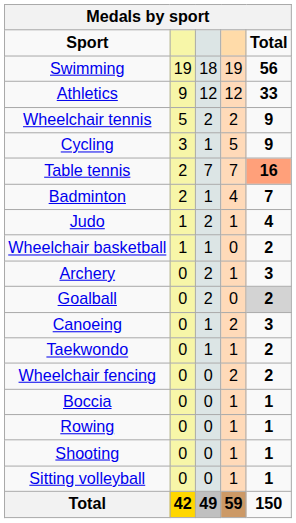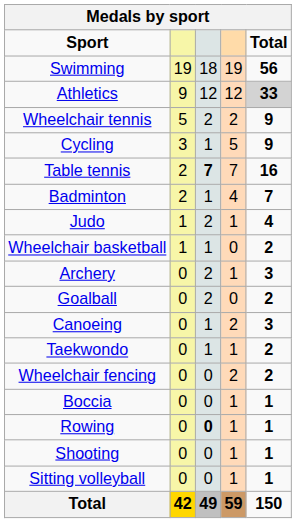 <table class=wikitable style="text-align:center">
 <tr style="background:#EFEFEF">
 <th colspan=7>Medals by sport</th>
 </tr>
 <tr>
 <td><strong>Sport</strong></td>
 <td style="background:#F7F6A8"></td>
 <td style="background:#DCE5E5"></td>
 <td style="background:#FFDBA9"></td>
 <td><strong>Total</strong></td>
 </tr>
 <tr>
 <td><a href='#'>Swimming</a></td>
 <td style="background:#F7F6A8">19</td>
 <td style="background:#DCE5E5">18</td>
 <td style="background:#FFDAB9">19</td>
 <td><strong>56</strong></td>
 </tr>
 <tr>
 <td><a href='#'>Athletics</a></td>
 <td style="background:#F7F6A8">9</td>
 <td style="background:#DCE5E5">12</td>
 <td style="background:#FFDAB9">12</td>
-<td><strong>33</strong></td>
+<td style="background: lightgrey;"><strong>33</strong></td>
 </tr>
 <tr>
 <td><a href='#'>Wheelchair tennis</a></td>
 <td style="background:#F7F6A8">5</td>
 <td style="background:#DCE5E5">2</td>
 <td style="background:#FFDAB9">2</td>
 <td><strong>9</strong></td>
 </tr>
 <tr>
 <td><a href='#'>Cycling</a></td>
 <td style="background:#F7F6A8">3</td>
 <td style="background:#DCE5E5">1</td>
 <td style="background:#FFDAB9">5</td>
 <td><strong>9</strong></td>
 </tr>
 <tr>
 <td><a href='#'>Table tennis</a></td>
 <td style="background:#F7F6A8">2</td>
-<td style="background:#DCE5E5">7</td>
+<td style="background:#DCE5E5"><strong>7</strong></td>
 <td style="background:#FFDAB9">7</td>
-<td style="background: lightsalmon;"><strong>16</strong></td>
+<td><strong>16</strong></td>
 </tr>
 <tr>
 <td><a href='#'>Badminton</a></td>
 <td style="background:#F7F6A8">2</td>
 <td style="background:#DCE5E5">1</td>
 <td style="background:#FFDAB9">4</td>
 <td><strong>7</strong></td>
 </tr>
 <tr>
 <td><a href='#'>Judo</a></td>
 <td style="background:#F7F6A8">1</td>
 <td style="background:#DCE5E5">2</td>
 <td style="background:#FFDAB9">1</td>
 <td><strong>4</strong></td>
 </tr>
 <tr>
 <td><a href='#'>Wheelchair basketball</a></td>
 <td style="background:#F7F6A8">1</td>
 <td style="background:#DCE5E5">1</td>
 <td style="background:#FFDAB9">0</td>
 <td><strong>2</strong></td>
 </tr>
 <tr>
 <td><a href='#'>Archery</a></td>
 <td style="background:#F7F6A8">0</td>
 <td style="background:#DCE5E5">2</td>
 <td style="background:#FFDAB9">1</td>
 <td><strong>3</strong></td>
 </tr>
 <tr>
 <td><a href='#'>Goalball</a></td>
 <td style="background:#F7F6A8">0</td>
 <td style="background:#DCE5E5">2</td>
 <td style="background:#FFDAB9">0</td>
-<td style="background: lightgrey;"><strong>2</strong></td>
+<td><strong>2</strong></td>
 </tr>
 <tr>
 <td><a href='#'>Canoeing</a></td>
 <td style="background:#F7F6A8">0</td>
 <td style="background:#DCE5E5">1</td>
 <td style="background:#FFDAB9">2</td>
 <td><strong>3</strong></td>
 </tr>
 <tr>
 <td><a href='#'>Taekwondo</a></td>
 <td style="background:#F7F6A8">0</td>
 <td style="background:#DCE5E5">1</td>
 <td style="background:#FFDAB9">1</td>
 <td><strong>2</strong></td>
 </tr>
 <tr>
 <td><a href='#'>Wheelchair fencing</a></td>
 <td style="background:#F7F6A8">0</td>
 <td style="background:#DCE5E5">0</td>
 <td style="background:#FFDAB9">2</td>
 <td><strong>2</strong></td>
 </tr>
 <tr>
 <td><a href='#'>Boccia</a></td>
 <td style="background:#F7F6A8">0</td>
 <td style="background:#DCE5E5">0</td>
 <td style="background:#FFDAB9">1</td>
 <td><strong>1</strong></td>
 </tr>
 <tr>
 <td><a href='#'>Rowing</a></td>
 <td style="background:#F7F6A8">0</td>
-<td style="background:#DCE5E5">0</td>
+<td style="background:#DCE5E5"><strong>0</strong></td>
 <td style="background:#FFDAB9">1</td>
 <td><strong>1</strong></td>
 </tr>
 <tr>
 <td><a href='#'>Shooting</a></td>
 <td style="background:#F7F6A8">0</td>
 <td style="background:#DCE5E5">0</td>
 <td style="background:#FFDAB9">1</td>
 <td><strong>1</strong></td>
 </tr>
 <tr>
 <td><a href='#'>Sitting volleyball</a></td>
 <td style="background:#F7F6A8">0</td>
 <td style="background:#DCE5E5">0</td>
 <td style="background:#FFDAB9">1</td>
 <td><strong>1</strong></td>
 </tr>
 <tr>
 <th>Total</th>
 <td style="background:gold;"><strong>42</strong></td>
 <td style="background:silver;"><strong>49</strong></td>
 <td style="background:#c96;"><strong>59</strong></td>
 <td><strong>150</strong></td>
 </tr>
 </table>
